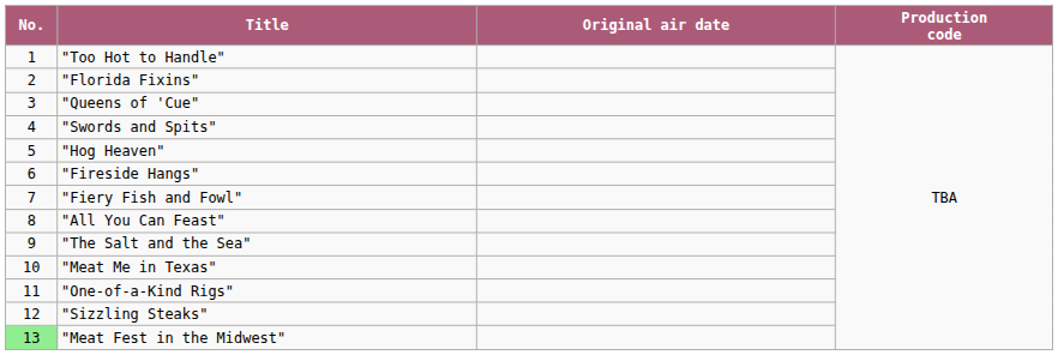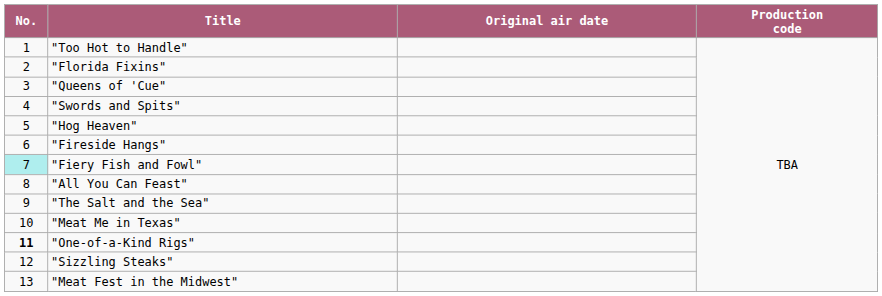 <table class="wikitable plainrowheaders" style="width:60%;">
 <tr>
 <th style="background-color: #ab5b78; color: #FFFFFF;" width=5%>No.</th>
 <th style="background-color: #ab5b78; color: #FFFFFF;" width=40%>Title</th>
 <th style="background-color: #ab5b78; color: #FFFFFF;">Original air date</th>
 <th style="background-color: #ab5b78; color: #FFFFFF;">Production<br>code</th>
 </tr>
 <tr>
 <td align=center>1</td>
 <td>"Too Hot to Handle"</td>
 <td align=center></td>
 <td align=center rowspan=27>TBA</td>
 </tr>
 <tr>
 <td align=center>2</td>
 <td>"Florida Fixins"</td>
 <td align=center></td>
 </tr>
 <tr>
 <td align=center>3</td>
 <td>"Queens of 'Cue"</td>
 <td align=center></td>
 </tr>
 <tr>
 <td align=center>4</td>
 <td>"Swords and Spits"</td>
 <td align=center></td>
 </tr>
 <tr>
 <td align=center>5</td>
 <td>"Hog Heaven"</td>
 <td align=center></td>
 </tr>
 <tr>
 <td align=center>6</td>
 <td>"Fireside Hangs"</td>
 <td align=center></td>
 </tr>
 <tr>
-<td align=center>7</td>
+<td align=center style="background: paleturquoise;">7</td>
 <td>"Fiery Fish and Fowl"</td>
 <td align=center></td>
 </tr>
 <tr>
 <td align=center>8</td>
 <td>"All You Can Feast"</td>
 <td align=center></td>
 </tr>
 <tr>
 <td align=center>9</td>
 <td>"The Salt and the Sea"</td>
 <td align=center></td>
 </tr>
 <tr>
 <td align=center>10</td>
 <td>"Meat Me in Texas"</td>
 <td align=center></td>
 </tr>
 <tr>
-<td align=center>11</td>
+<td align=center><strong>11</strong></td>
 <td>"One-of-a-Kind Rigs"</td>
 <td align=center></td>
 </tr>
 <tr>
 <td align=center>12</td>
 <td>"Sizzling Steaks"</td>
 <td align=center></td>
 </tr>
 <tr>
-<td align=center style="background: lightgreen;">13</td>
+<td align=center>13</td>
 <td>"Meat Fest in the Midwest"</td>
 <td align=center></td>
 </tr>
 </table>
